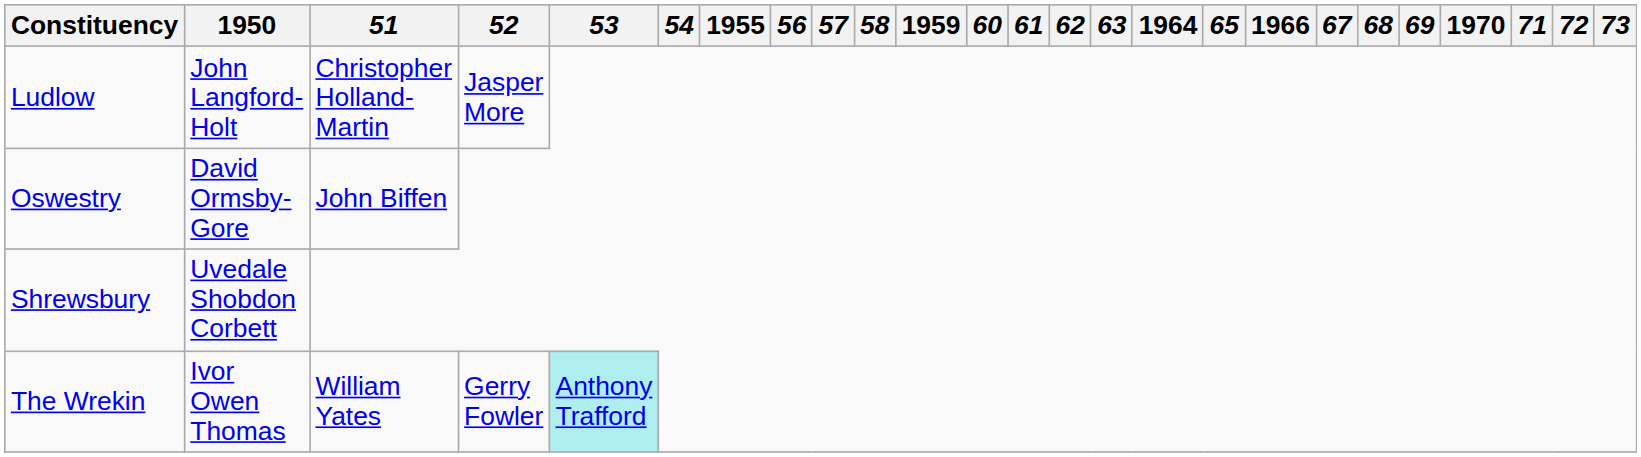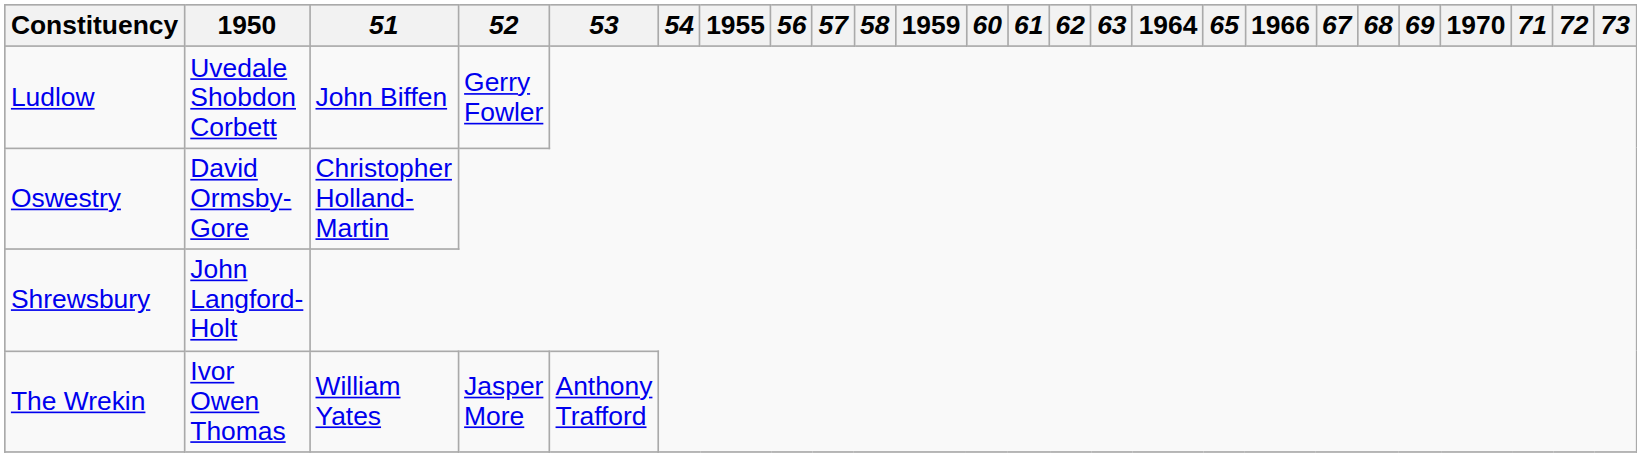 <table class="wikitable">
 <tr>
 <th>Constituency</th>
 <th>1950</th>
 <th><em>51</em></th>
 <th><em>52</em></th>
 <th><em>53</em></th>
 <th><em>54</em></th>
 <th>1955</th>
 <th><em>56</em></th>
 <th><em>57</em></th>
 <th><em>58</em></th>
 <th>1959</th>
 <th><em>60</em></th>
 <th><em>61</em></th>
 <th><em>62</em></th>
 <th><em>63</em></th>
 <th>1964</th>
 <th><em>65</em></th>
 <th>1966</th>
 <th><em>67</em></th>
 <th><em>68</em></th>
 <th><em>69</em></th>
 <th>1970</th>
 <th><em>71</em></th>
 <th><em>72</em></th>
 <th><em>73</em></th>
 </tr>
 <tr>
 <td><a href='#'>Ludlow</a></td>
-<td><a href='#'>John Langford-Holt</a></td>
-<td><a href='#'>Christopher Holland-Martin</a></td>
-<td><a href='#'>Jasper More</a></td>
+<td><a href='#'>Uvedale Shobdon Corbett</a></td>
+<td><a href='#'>John Biffen</a></td>
+<td><a href='#'>Gerry Fowler</a></td>
 </tr>
 <tr>
 <td><a href='#'>Oswestry</a></td>
 <td><a href='#'>David Ormsby-Gore</a></td>
-<td><a href='#'>John Biffen</a></td>
+<td><a href='#'>Christopher Holland-Martin</a></td>
 </tr>
 <tr>
 <td><a href='#'>Shrewsbury</a></td>
-<td><a href='#'>Uvedale Shobdon Corbett</a></td>
+<td><a href='#'>John Langford-Holt</a></td>
 </tr>
 <tr>
 <td><a href='#'>The Wrekin</a></td>
 <td><a href='#'>Ivor Owen Thomas</a></td>
 <td><a href='#'>William Yates</a></td>
-<td><a href='#'>Gerry Fowler</a></td>
-<td style="background: paleturquoise;"><a href='#'>Anthony Trafford</a></td>
+<td><a href='#'>Jasper More</a></td>
+<td><a href='#'>Anthony Trafford</a></td>
 </tr>
 </table>
